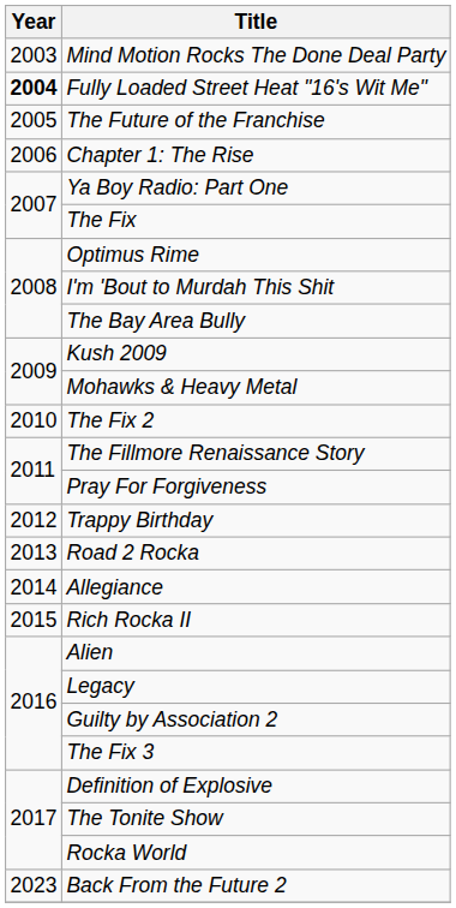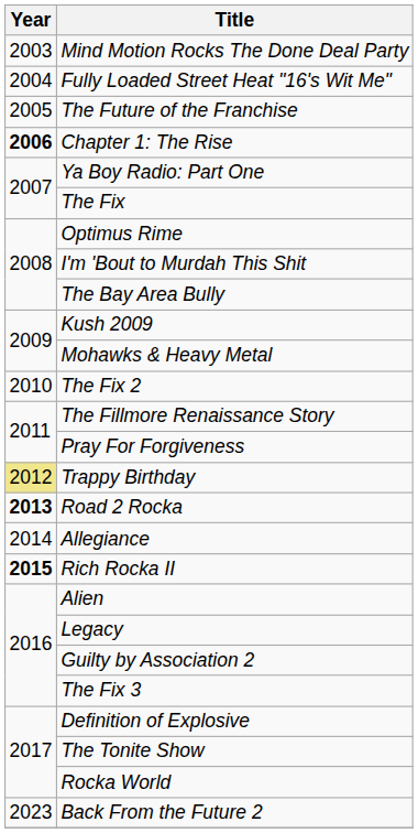 <table class="wikitable">
 <tr>
 <th>Year</th>
 <th>Title</th>
 </tr>
 <tr>
 <td>2003</td>
 <td><em>Mind Motion Rocks The Done Deal Party</em></td>
 </tr>
 <tr>
-<td><strong>2004</strong></td>
+<td>2004</td>
 <td><em>Fully Loaded Street Heat "16's Wit Me"</em></td>
 </tr>
 <tr>
 <td>2005</td>
 <td><em>The Future of the Franchise</em></td>
 </tr>
 <tr>
-<td>2006</td>
+<td><strong>2006</strong></td>
 <td><em>Chapter 1: The Rise</em></td>
 </tr>
 <tr>
 <td rowspan="2">2007</td>
 <td><em>Ya Boy Radio: Part One</em></td>
 </tr>
 <tr>
 <td><em>The Fix</em></td>
 </tr>
 <tr>
 <td rowspan="3">2008</td>
 <td><em>Optimus Rime</em></td>
 </tr>
 <tr>
 <td><em>I'm 'Bout to Murdah This Shit</em></td>
 </tr>
 <tr>
 <td><em>The Bay Area Bully</em></td>
 </tr>
 <tr>
 <td rowspan="2">2009</td>
 <td><em>Kush 2009</em></td>
 </tr>
 <tr>
 <td><em>Mohawks & Heavy Metal</em></td>
 </tr>
 <tr>
 <td>2010</td>
 <td><em>The Fix 2</em></td>
 </tr>
 <tr>
 <td rowspan="2">2011</td>
 <td><em>The Fillmore Renaissance Story</em></td>
 </tr>
 <tr>
 <td><em>Pray For Forgiveness</em> </td>
 </tr>
 <tr>
-<td>2012</td>
+<td style="background: khaki;">2012</td>
 <td><em>Trappy Birthday</em></td>
 </tr>
 <tr>
-<td>2013</td>
+<td><strong>2013</strong></td>
 <td><em>Road 2 Rocka</em></td>
 </tr>
 <tr>
 <td>2014</td>
 <td><em>Allegiance</em></td>
 </tr>
 <tr>
-<td>2015</td>
+<td><strong>2015</strong></td>
 <td><em>Rich Rocka II</em></td>
 </tr>
 <tr>
 <td rowspan="4">2016</td>
 <td><em>Alien</em></td>
 </tr>
 <tr>
 <td><em>Legacy</em></td>
 </tr>
 <tr>
 <td><em>Guilty by Association 2</em></td>
 </tr>
 <tr>
 <td><em>The Fix 3</em></td>
 </tr>
 <tr>
 <td rowspan="3">2017</td>
 <td><em>Definition of Explosive</em></td>
 </tr>
 <tr>
 <td><em>The Tonite Show</em></td>
 </tr>
 <tr>
 <td><em>Rocka World</em></td>
 </tr>
 <tr>
 <td>2023</td>
 <td><em>Back From the Future 2 </em></td>
 </tr>
 <tr>
 </tr>
 </table>
